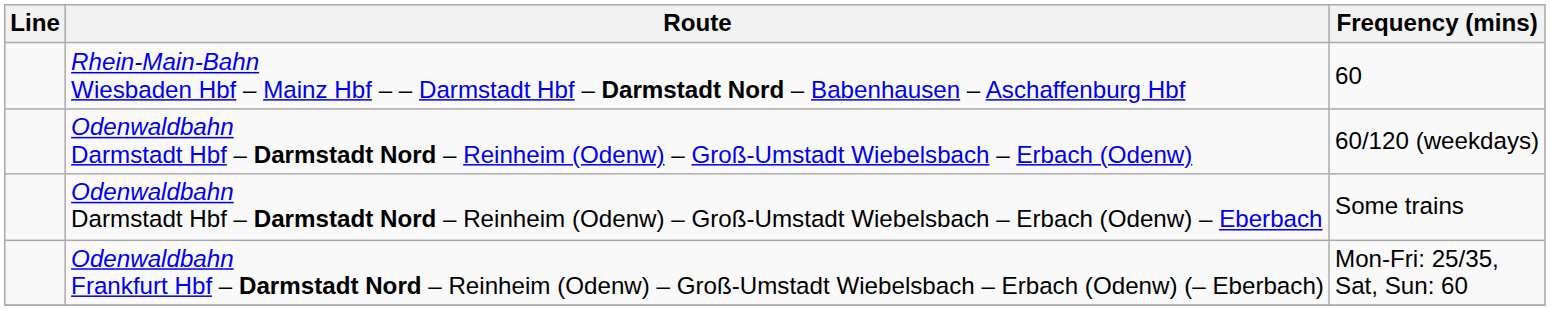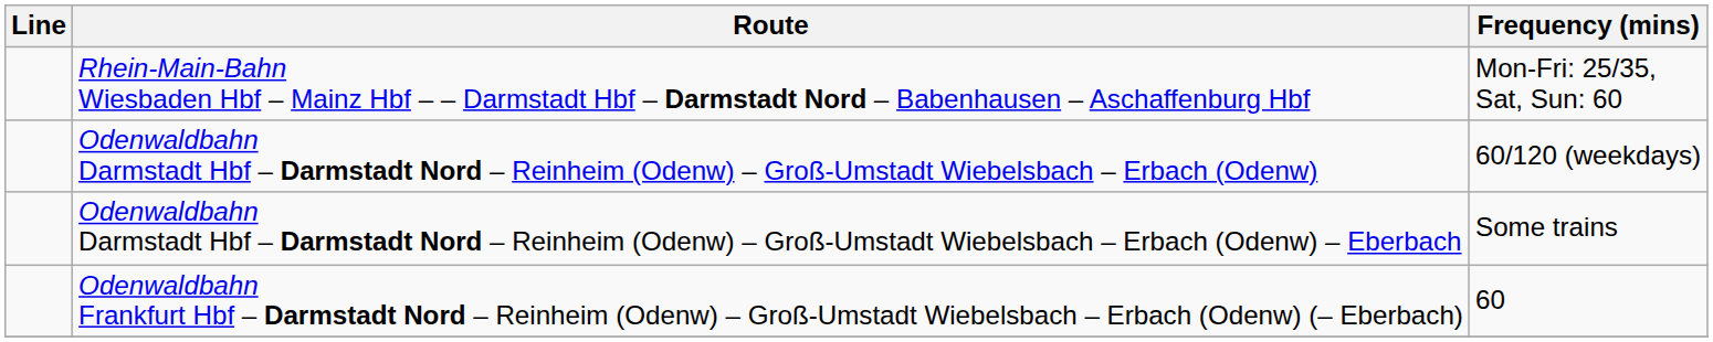 <table class="wikitable">
 <tr>
 <th>Line</th>
 <th>Route</th>
 <th>Frequency (mins)</th>
 </tr>
 <tr>
 <td></td>
 <td><em><a href='#'>Rhein-Main-Bahn</a></em><br> <a href='#'>Wiesbaden Hbf</a> – <a href='#'>Mainz Hbf</a> –  – <a href='#'>Darmstadt Hbf</a> – <strong>Darmstadt Nord</strong> – <a href='#'>Babenhausen</a> – <a href='#'>Aschaffenburg Hbf</a></td>
-<td>60</td>
+<td>Mon-Fri: 25/35,<br> Sat, Sun: 60</td>
 </tr>
 <tr>
 <td></td>
 <td><em><a href='#'>Odenwaldbahn</a></em><br><a href='#'>Darmstadt Hbf</a> – <strong>Darmstadt Nord</strong> – <a href='#'>Reinheim (Odenw)</a> – <a href='#'>Groß-Umstadt Wiebelsbach</a> – <a href='#'>Erbach (Odenw)</a></td>
 <td>60/120 (weekdays)</td>
 </tr>
 <tr>
 <td></td>
 <td><em><a href='#'>Odenwaldbahn</a></em><br>Darmstadt Hbf – <strong>Darmstadt Nord</strong> – Reinheim (Odenw) – Groß-Umstadt Wiebelsbach – Erbach (Odenw) – <a href='#'>Eberbach</a></td>
 <td>Some trains</td>
 </tr>
 <tr>
 <td></td>
 <td><em><a href='#'>Odenwaldbahn</a></em><br><a href='#'>Frankfurt Hbf</a> – <strong>Darmstadt Nord</strong> – Reinheim (Odenw) – Groß-Umstadt Wiebelsbach – Erbach (Odenw) (– Eberbach)</td>
-<td>Mon-Fri: 25/35,<br> Sat, Sun: 60</td>
+<td>60</td>
 </tr>
 <tr>
 </tr>
 </table>
